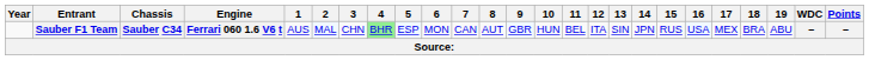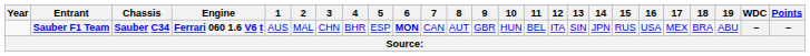 <table class="wikitable" style="text-align:center; font-size:85%">
 <tr>
 <th>Year</th>
 <th>Entrant</th>
 <th>Chassis</th>
 <th>Engine</th>
 <th>1</th>
 <th>2</th>
 <th>3</th>
 <th>4</th>
 <th>5</th>
 <th>6</th>
 <th>7</th>
 <th>8</th>
 <th>9</th>
 <th>10</th>
 <th>11</th>
 <th>12</th>
 <th>13</th>
 <th>14</th>
 <th>15</th>
 <th>16</th>
 <th>17</th>
 <th>18</th>
 <th>19</th>
 <th>WDC</th>
 <th><a href='#'>Points</a></th>
 </tr>
 <tr>
 <td></td>
 <th nowrap><a href='#'>Sauber F1 Team</a></th>
 <th nowrap><a href='#'>Sauber</a> <a href='#'>C34</a></th>
 <th nowrap><a href='#'>Ferrari</a> 060 1.6 <a href='#'>V6</a> <a href='#'>t</a></th>
 <td><a href='#'>AUS</a></td>
 <td style="background-color:#F1F8FF"><a href='#'>MAL</a><br></td>
 <td><a href='#'>CHN</a></td>
-<td style="background: lightgreen;"><a href='#'>BHR</a></td>
+<td><a href='#'>BHR</a></td>
 <td style="background-color:#F1F8FF"><a href='#'>ESP</a><br></td>
-<td><a href='#'>MON</a></td>
+<td><strong><a href='#'>MON</a></strong></td>
 <td><a href='#'>CAN</a></td>
 <td><a href='#'>AUT</a></td>
 <td style="background-color:#F1F8FF"><a href='#'>GBR</a><br></td>
 <td><a href='#'>HUN</a></td>
 <td><a href='#'>BEL</a></td>
 <td><a href='#'>ITA</a></td>
 <td><a href='#'>SIN</a></td>
 <td><a href='#'>JPN</a></td>
 <td><a href='#'>RUS</a></td>
 <td style="background-color:#F1F8FF"><a href='#'>USA</a><br></td>
 <td><a href='#'>MEX</a></td>
 <td><a href='#'>BRA</a></td>
 <td><a href='#'>ABU</a></td>
 <th> –</th>
 <th> –</th>
 </tr>
 <tr>
 <th colspan="25">Source:</th>
 </tr>
 </table>
